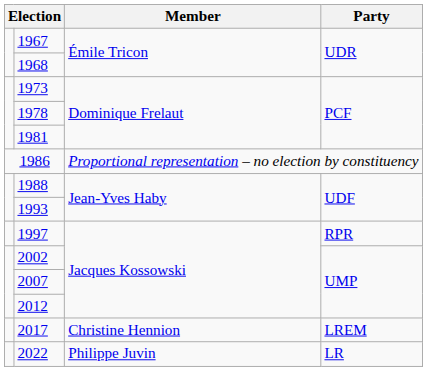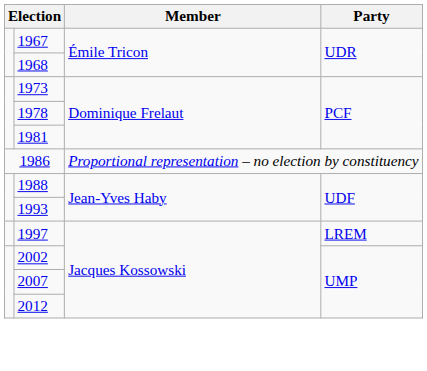 <table class="wikitable">
 <tr>
 <th colspan="2">Election</th>
 <th>Member</th>
 <th>Party</th>
 </tr>
 <tr>
 <td rowspan="2" style="color:inherit;background-color: "></td>
 <td><a href='#'>1967</a></td>
 <td rowspan="2"><a href='#'>Émile Tricon</a></td>
 <td rowspan="2"><a href='#'>UDR</a></td>
 </tr>
 <tr>
 <td><a href='#'>1968</a></td>
 </tr>
 <tr>
 <td rowspan="3" style="color:inherit;background-color: "></td>
 <td><a href='#'>1973</a></td>
 <td rowspan="3"><a href='#'>Dominique Frelaut</a></td>
 <td rowspan="3"><a href='#'>PCF</a></td>
 </tr>
 <tr>
 <td><a href='#'>1978</a></td>
 </tr>
 <tr>
 <td><a href='#'>1981</a></td>
 </tr>
 <tr>
 <td colspan="2" align="center"><a href='#'>1986</a></td>
 <td colspan="2"><em><a href='#'>Proportional representation</a> – no election by constituency</em></td>
 </tr>
 <tr>
 <td rowspan="2" style="color:inherit;background-color: "></td>
 <td><a href='#'>1988</a></td>
 <td rowspan="2"><a href='#'>Jean-Yves Haby</a></td>
 <td rowspan="2"><a href='#'>UDF</a></td>
 </tr>
 <tr>
 <td><a href='#'>1993</a></td>
 </tr>
 <tr>
 <td style="color:inherit;background-color: "></td>
 <td><a href='#'>1997</a></td>
 <td rowspan="4"><a href='#'>Jacques Kossowski</a></td>
-<td><a href='#'>RPR</a></td>
+<td><a href='#'>LREM</a></td>
 </tr>
 <tr>
 <td rowspan="3" style="color:inherit;background-color: "></td>
 <td><a href='#'>2002</a></td>
 <td rowspan="3"><a href='#'>UMP</a></td>
 </tr>
 <tr>
 <td><a href='#'>2007</a></td>
 </tr>
 <tr>
 <td><a href='#'>2012</a></td>
 </tr>
-<tr>
-<td style="color:inherit;background-color: "></td>
-<td><a href='#'>2017</a></td>
-<td><a href='#'>Christine Hennion</a></td>
-<td><a href='#'>LREM</a></td>
-</tr>
-<tr>
-<td style="color:inherit;background-color: "></td>
-<td><a href='#'>2022</a></td>
-<td><a href='#'>Philippe Juvin</a></td>
-<td><a href='#'>LR</a></td>
-</tr>
 </table>
